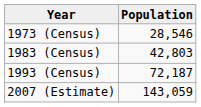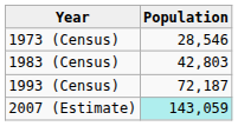 <table class="wikitable">
 <tr>
 <th style="background:#efefef;">Year</th>
 <th style="background:#efefef;">Population</th>
 </tr>
 <tr>
 <td>1973 (Census)</td>
 <td align="right">28,546</td>
 </tr>
 <tr>
 <td>1983 (Census)</td>
 <td align="right">42,803</td>
 </tr>
 <tr>
 <td>1993 (Census)</td>
 <td align="right">72,187</td>
 </tr>
 <tr>
 <td>2007 (Estimate)</td>
-<td align="right">143,059</td>
+<td align="right" style="background: paleturquoise;">143,059</td>
 </tr>
 </table>
